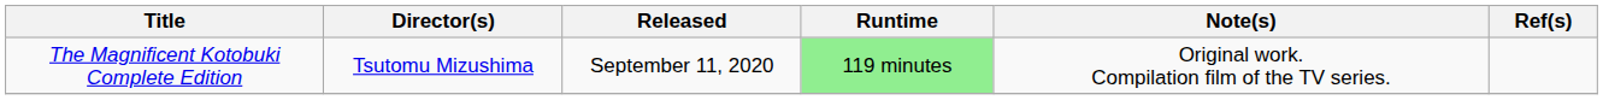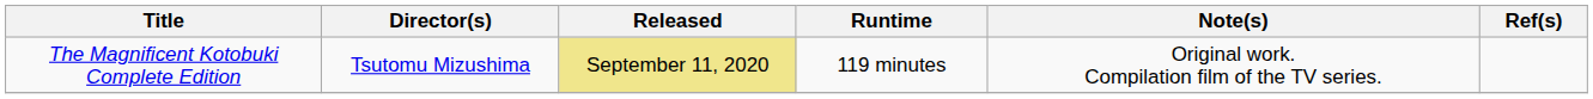 <table class="wikitable sortable" style="text-align:center; margin=auto; ">
 <tr>
 <th scope="col" width=20%>Title</th>
 <th scope="col" width=15%>Director(s)</th>
 <th scope="col" width=15%>Released</th>
 <th scope="col" class="unsortable">Runtime</th>
 <th scope="col" class="unsortable">Note(s)</th>
 <th scope="col" class="unsortable">Ref(s)</th>
 </tr>
 <tr>
 <td><em><a href='#'>The Magnificent Kotobuki Complete Edition</a></em></td>
 <td><a href='#'>Tsutomu Mizushima</a></td>
-<td>September 11, 2020</td>
-<td style="background: lightgreen;">119 minutes</td>
+<td style="background: khaki;">September 11, 2020</td>
+<td>119 minutes</td>
 <td>Original work.<br>Compilation film of the TV series.</td>
 <td></td>
 </tr>
 <tr>
 </tr>
 </table>
